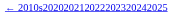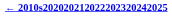 <table id="toc" class="toc" summary="Contents">
 <tr>
 <th></th>
 </tr>
 <tr>
-<td align="center"><a href='#'>← 2010s</a><a href='#'>2020</a><a href='#'>2021</a><a href='#'>2022</a><a href='#'>2023</a><a href='#'>2024</a><a href='#'>2025</a></td>
+<td align="center"><strong><a href='#'>← 2010s</a><a href='#'>2020</a><a href='#'>2021</a><a href='#'>2022</a><a href='#'>2023</a><a href='#'>2024</a><a href='#'>2025</a></strong></td>
 </tr>
 </table>
